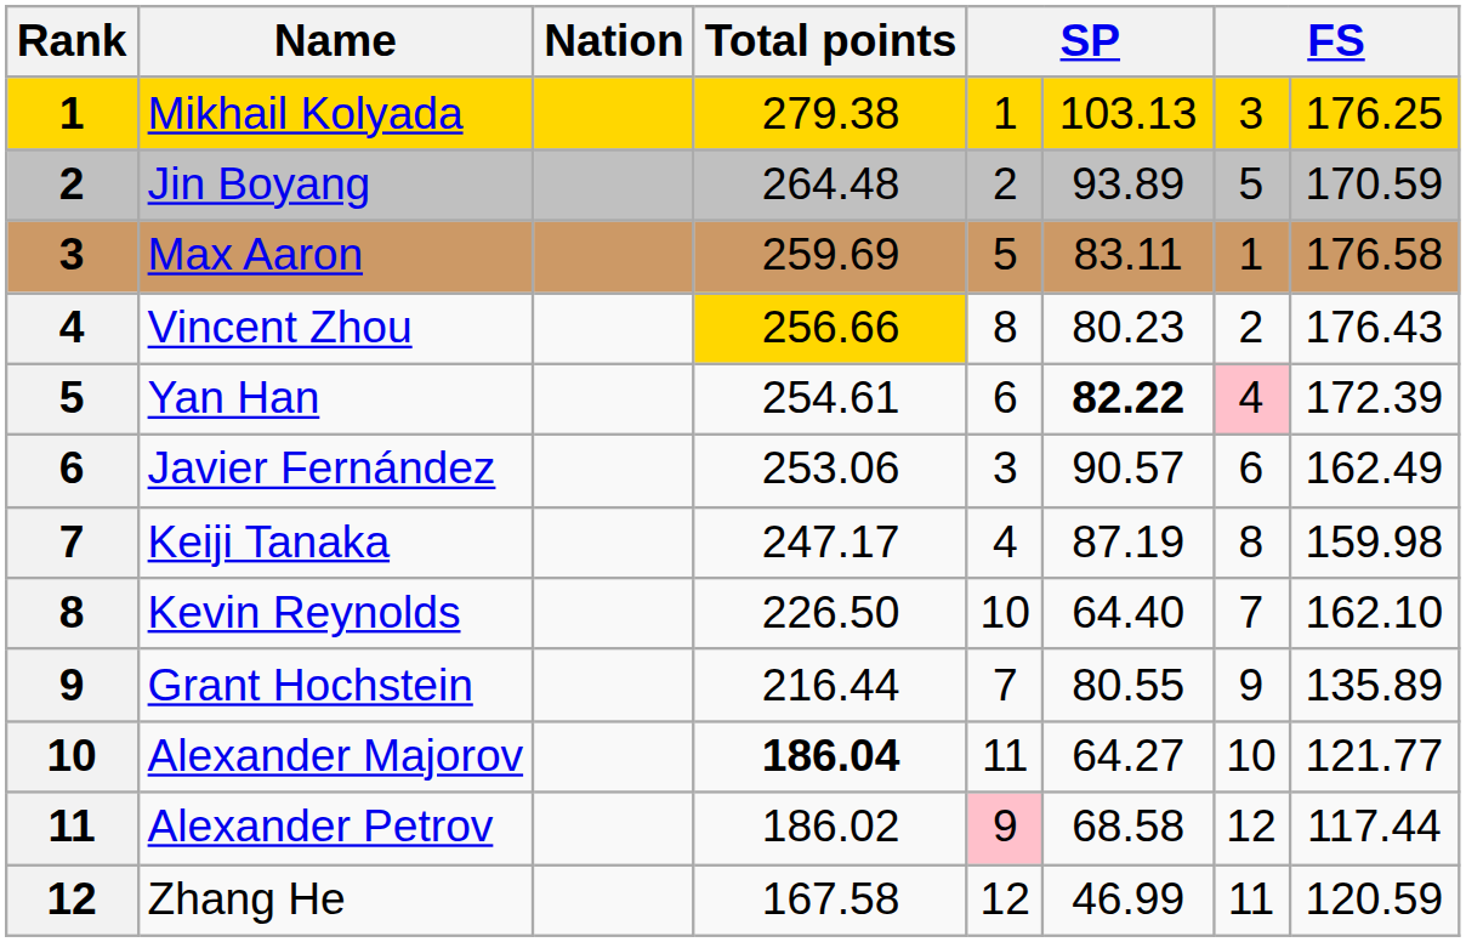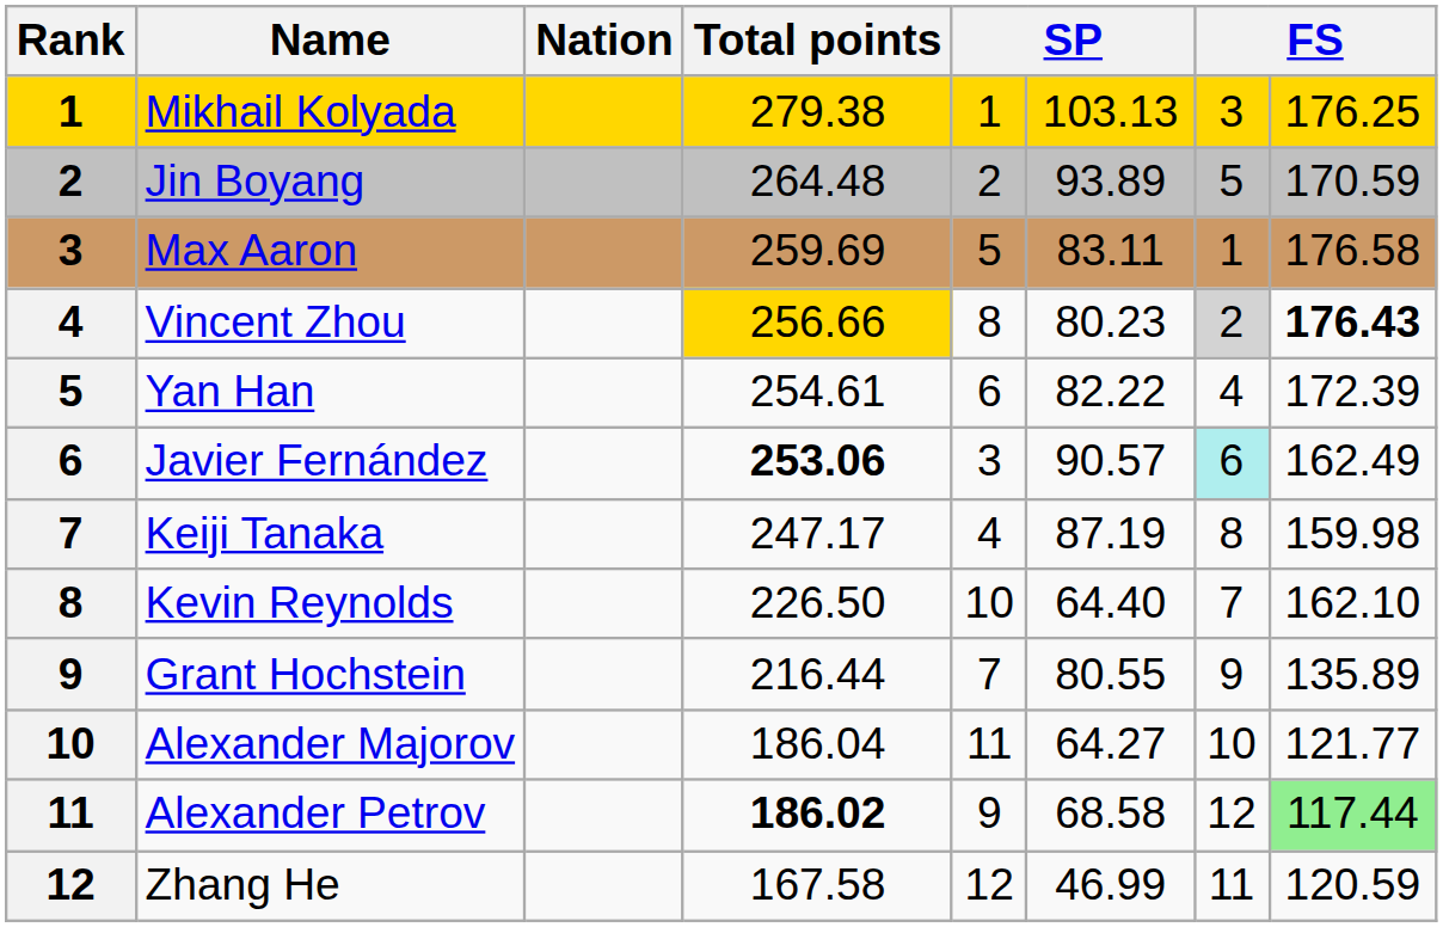 <table class="wikitable sortable">
 <tr>
 <th>Rank</th>
 <th>Name</th>
 <th>Nation</th>
 <th>Total points</th>
 <th colspan="2" width="80px"><a href='#'>SP</a></th>
 <th colspan="2" width="80px"><a href='#'>FS</a></th>
 </tr>
 <tr bgcolor="gold">
 <td align="center"><strong>1</strong></td>
 <td><a href='#'>Mikhail Kolyada</a></td>
 <td></td>
 <td align="center">279.38</td>
 <td align="center">1</td>
 <td align="center">103.13</td>
 <td align="center">3</td>
 <td align="center">176.25</td>
 </tr>
 <tr bgcolor="silver">
 <td align="center"><strong>2</strong></td>
 <td><a href='#'>Jin Boyang</a></td>
 <td></td>
 <td align="center">264.48</td>
 <td align="center">2</td>
 <td align="center">93.89</td>
 <td align="center">5</td>
 <td align="center">170.59</td>
 </tr>
 <tr bgcolor="cc9966">
 <td align="center"><strong>3</strong></td>
 <td><a href='#'>Max Aaron</a></td>
 <td></td>
 <td align="center">259.69</td>
 <td align="center">5</td>
 <td align="center">83.11</td>
 <td align="center">1</td>
 <td align="center">176.58</td>
 </tr>
 <tr>
 <th>4</th>
 <td><a href='#'>Vincent Zhou</a></td>
 <td></td>
 <td align="center" style="background: gold;">256.66</td>
 <td align="center">8</td>
 <td align="center">80.23</td>
-<td align="center">2</td>
-<td align="center">176.43</td>
+<td align="center" style="background: lightgrey;">2</td>
+<td align="center"><strong>176.43</strong></td>
 </tr>
 <tr>
 <th>5</th>
 <td><a href='#'>Yan Han</a></td>
 <td></td>
 <td align="center">254.61</td>
 <td align="center">6</td>
-<td align="center"><strong>82.22</strong></td>
-<td align="center" style="background: pink;">4</td>
+<td align="center">82.22</td>
+<td align="center">4</td>
 <td align="center">172.39</td>
 </tr>
 <tr>
 <th>6</th>
 <td><a href='#'>Javier Fernández</a></td>
 <td></td>
-<td align="center">253.06</td>
+<td align="center"><strong>253.06</strong></td>
 <td align="center">3</td>
 <td align="center">90.57</td>
-<td align="center">6</td>
+<td align="center" style="background: paleturquoise;">6</td>
 <td align="center">162.49</td>
 </tr>
 <tr>
 <th>7</th>
 <td><a href='#'>Keiji Tanaka</a></td>
 <td></td>
 <td align="center">247.17</td>
 <td align="center">4</td>
 <td align="center">87.19</td>
 <td align="center">8</td>
 <td align="center">159.98</td>
 </tr>
 <tr>
 <th>8</th>
 <td><a href='#'>Kevin Reynolds</a></td>
 <td></td>
 <td align="center">226.50</td>
 <td align="center">10</td>
 <td align="center">64.40</td>
 <td align="center">7</td>
 <td align="center">162.10</td>
 </tr>
 <tr>
 <th>9</th>
 <td><a href='#'>Grant Hochstein</a></td>
 <td></td>
 <td align="center">216.44</td>
 <td align="center">7</td>
 <td align="center">80.55</td>
 <td align="center">9</td>
 <td align="center">135.89</td>
 </tr>
 <tr>
 <th>10</th>
 <td><a href='#'>Alexander Majorov</a></td>
 <td></td>
-<td align="center"><strong>186.04</strong></td>
+<td align="center">186.04</td>
 <td align="center">11</td>
 <td align="center">64.27</td>
 <td align="center">10</td>
 <td align="center">121.77</td>
 </tr>
 <tr>
 <th>11</th>
 <td><a href='#'>Alexander Petrov</a></td>
 <td></td>
-<td align="center">186.02</td>
-<td align="center" style="background: pink;">9</td>
+<td align="center"><strong>186.02</strong></td>
+<td align="center">9</td>
 <td align="center">68.58</td>
 <td align="center">12</td>
-<td align="center">117.44</td>
+<td align="center" style="background: lightgreen;">117.44</td>
 </tr>
 <tr>
 <th>12</th>
 <td>Zhang He</td>
 <td></td>
 <td align="center">167.58</td>
 <td align="center">12</td>
 <td align="center">46.99</td>
 <td align="center">11</td>
 <td align="center">120.59</td>
 </tr>
 </table>
